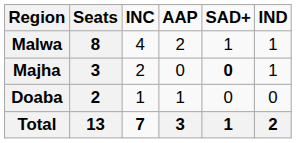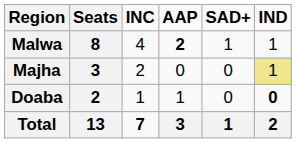 <table class="wikitable sortable" style="text-align:center;">
 <tr>
 <th>Region</th>
 <th>Seats</th>
 <td><span><strong>INC</strong></span></td>
 <td><span><strong>AAP</strong></span></td>
 <td><span><strong>SAD+</strong></span></td>
 <td><span><strong>IND</strong></span></td>
 </tr>
 <tr>
 <th>Malwa</th>
 <th>8</th>
 <td style="background:">4</td>
-<td>2</td>
+<td><strong>2</strong></td>
 <td>1</td>
 <td>1</td>
 </tr>
 <tr>
 <th>Majha</th>
 <th>3</th>
 <td style="background:">2</td>
 <td>0</td>
-<td><strong>0</strong></td>
-<td>1</td>
+<td>0</td>
+<td style="background: khaki;">1</td>
 </tr>
 <tr>
 <th>Doaba</th>
 <th>2</th>
 <td>1</td>
 <td>1</td>
 <td>0</td>
-<td>0</td>
+<td><strong>0</strong></td>
 </tr>
 <tr>
 <th>Total</th>
 <th>13</th>
 <td style="background:"><strong>7</strong></td>
 <th>3</th>
 <th>1</th>
 <th>2</th>
 </tr>
 </table>
